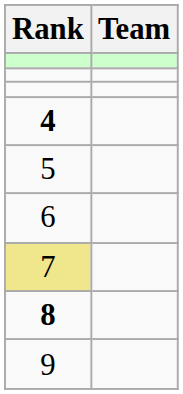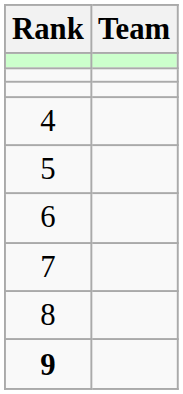 <table class="wikitable">
 <tr>
 <th>Rank</th>
 <th>Team</th>
 </tr>
 <tr bgcolor=ccffcc>
 <td align=center></td>
 <td></td>
 </tr>
 <tr>
 <td align=center></td>
 <td></td>
 </tr>
 <tr>
 <td align=center></td>
 <td></td>
 </tr>
 <tr>
-<td align=center><strong>4</strong></td>
+<td align=center>4</td>
 <td></td>
 </tr>
 <tr>
 <td align=center>5</td>
 <td></td>
 </tr>
 <tr>
 <td align=center>6</td>
 <td></td>
 </tr>
 <tr>
-<td align=center style="background: khaki;">7</td>
+<td align=center>7</td>
 <td></td>
 </tr>
 <tr>
-<td align=center><strong>8</strong></td>
+<td align=center>8</td>
 <td></td>
 </tr>
 <tr>
-<td align=center>9</td>
+<td align=center><strong>9</strong></td>
 <td></td>
 </tr>
 </table>
